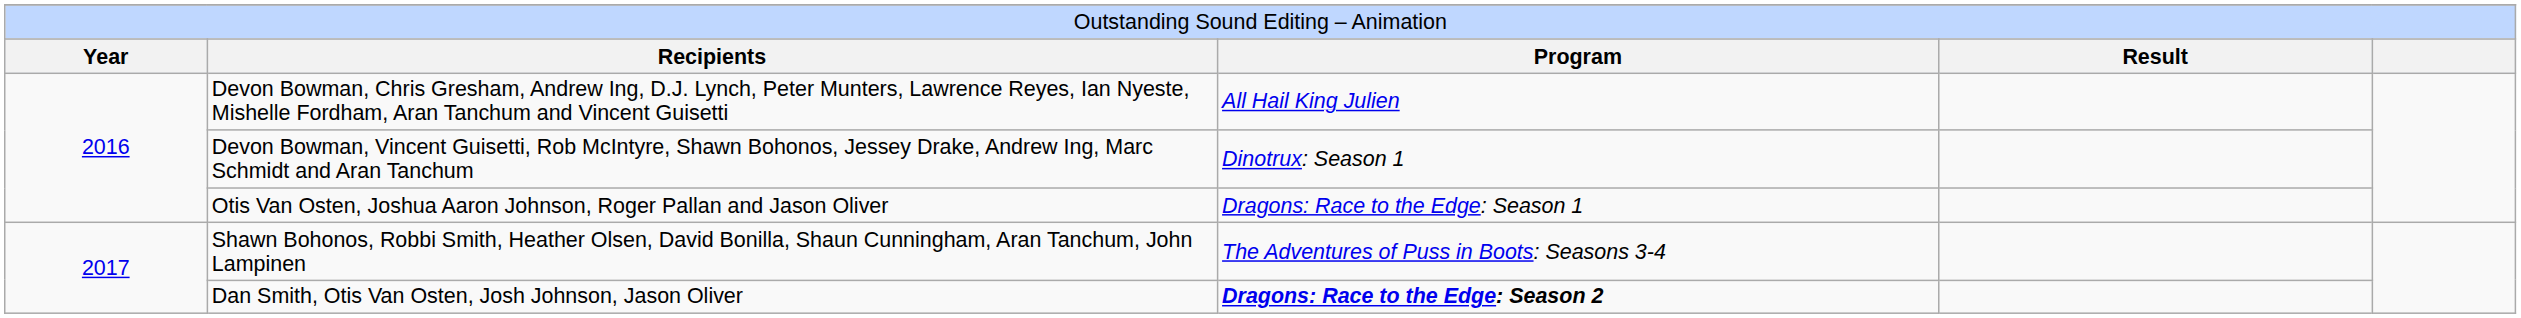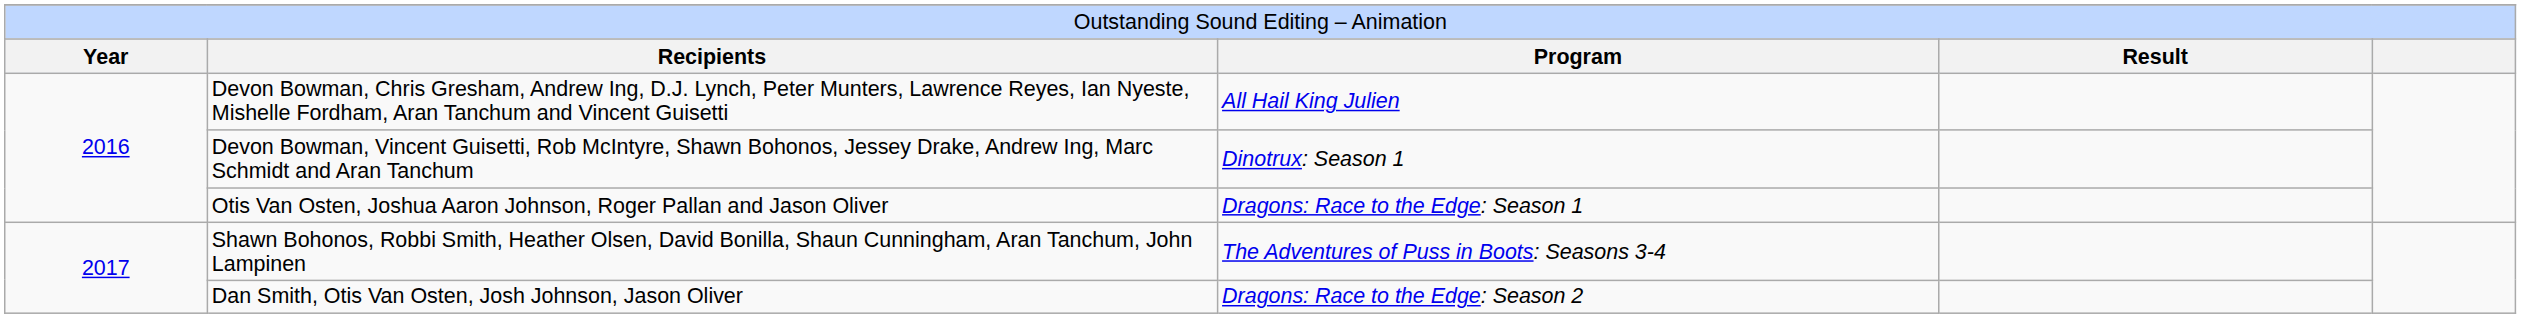 <table class="wikitable plainrowheaders" style="font-size: 90%" width=85%>
 <tr>
 </tr>
 <tr ---- bgcolor="#bfd7ff">
 <td colspan=6 align=center>Outstanding Sound Editing – Animation</td>
 </tr>
 <tr ---- bgcolor="#ebf5ff">
 <th scope="col" style="width:7%;">Year</th>
 <th scope="col" style="width:35%;">Recipients</th>
 <th scope="col" style="width:25%;">Program</th>
 <th scope="col" style="width:15%;">Result</th>
 <th scope="col" class="unsortable" style="width:5%;"></th>
 </tr>
 <tr>
 <td rowspan="3" style="text-align:center;"><a href='#'>2016</a></td>
 <td>Devon Bowman, Chris Gresham, Andrew Ing, D.J. Lynch, Peter Munters, Lawrence Reyes, Ian Nyeste, Mishelle Fordham, Aran Tanchum and Vincent Guisetti</td>
 <td><em><a href='#'>All Hail King Julien</a></em></td>
 <td></td>
 <td rowspan="3" style="text-align:center;"></td>
 </tr>
 <tr>
 <td>Devon Bowman, Vincent Guisetti, Rob McIntyre, Shawn Bohonos, Jessey Drake, Andrew Ing, Marc Schmidt and Aran Tanchum</td>
 <td><em><a href='#'>Dinotrux</a>: Season 1</em></td>
 <td></td>
 </tr>
 <tr>
 <td>Otis Van Osten, Joshua Aaron Johnson, Roger Pallan and Jason Oliver</td>
 <td><em><a href='#'>Dragons: Race to the Edge</a>: Season 1</em></td>
 <td></td>
 </tr>
 <tr>
 <td rowspan="2" style="text-align:center;"><a href='#'>2017</a></td>
 <td>Shawn Bohonos, Robbi Smith, Heather Olsen, David Bonilla, Shaun Cunningham, Aran Tanchum, John Lampinen</td>
 <td><em><a href='#'>The Adventures of Puss in Boots</a>: Seasons 3-4</em></td>
 <td></td>
 <td rowspan="2" style="text-align:center;"></td>
 </tr>
 <tr>
 <td>Dan Smith, Otis Van Osten, Josh Johnson, Jason Oliver</td>
-<td><strong><em><a href='#'>Dragons: Race to the Edge</a>: Season 2</em></strong></td>
+<td><em><a href='#'>Dragons: Race to the Edge</a>: Season 2</em></td>
 <td></td>
 </tr>
 </table>
